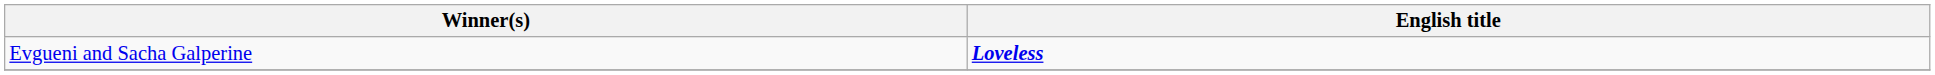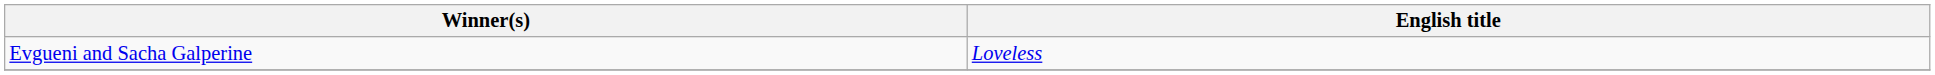 <table class="wikitable" width="95%" cellpadding="5">
 <tr>
 <th width="18%">Winner(s)</th>
 <th width="18%">English title</th>
 </tr>
 <tr>
 <td> <a href='#'>Evgueni and Sacha Galperine</a></td>
-<td><strong><em><a href='#'>Loveless</a></em></strong></td>
+<td><em><a href='#'>Loveless</a></em></td>
 </tr>
 <tr>
 </tr>
 </table>
